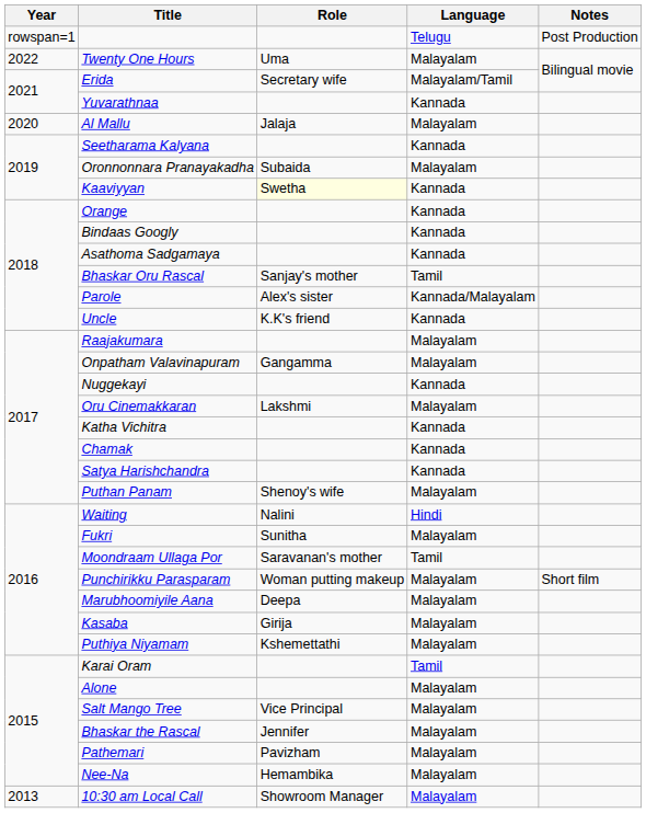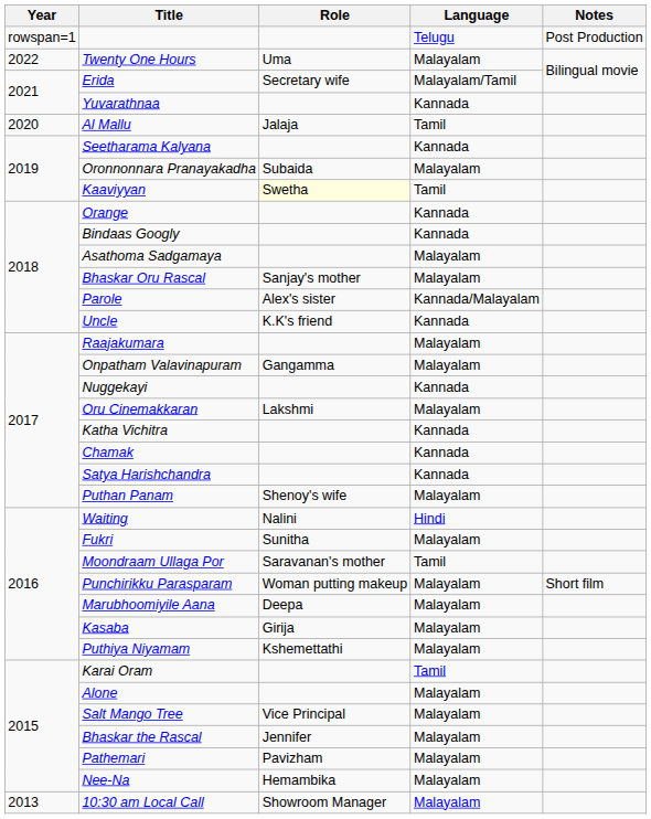 <table class="wikitable sortable">
 <tr>
 <th>Year</th>
 <th>Title</th>
 <th>Role</th>
 <th>Language</th>
 <th>Notes</th>
 </tr>
 <tr>
 <td>rowspan=1 </td>
 <td></td>
 <td></td>
 <td><a href='#'>Telugu</a></td>
 <td>Post Production</td>
 </tr>
 <tr>
 <td>2022</td>
 <td><em><a href='#'>Twenty One Hours</a></em></td>
 <td>Uma</td>
 <td>Malayalam</td>
 <td rowspan="2">Bilingual movie</td>
 </tr>
 <tr>
 <td rowspan=2>2021</td>
 <td><em><a href='#'>Erida</a></em></td>
 <td>Secretary wife</td>
 <td>Malayalam/Tamil</td>
 </tr>
 <tr>
 <td><em><a href='#'>Yuvarathnaa</a></em></td>
 <td></td>
 <td>Kannada</td>
 <td></td>
 </tr>
 <tr>
 <td>2020</td>
 <td><em><a href='#'>Al Mallu</a></em></td>
 <td>Jalaja</td>
-<td>Malayalam</td>
+<td>Tamil</td>
 <td></td>
 </tr>
 <tr>
 <td rowspan=3>2019</td>
 <td><em><a href='#'>Seetharama Kalyana</a></em></td>
 <td></td>
 <td>Kannada</td>
 <td></td>
 </tr>
 <tr>
 <td><em>Oronnonnara Pranayakadha</em></td>
 <td>Subaida</td>
 <td>Malayalam</td>
 <td></td>
 </tr>
 <tr>
 <td><em><a href='#'>Kaaviyyan</a></em></td>
 <td style="background: lightyellow;">Swetha</td>
-<td>Kannada</td>
+<td>Tamil</td>
 <td></td>
 </tr>
 <tr>
 <td Rowspan=6>2018</td>
 <td><em><a href='#'>Orange</a></em></td>
 <td></td>
 <td>Kannada</td>
 <td></td>
 </tr>
 <tr>
 <td><em>Bindaas Googly</em></td>
 <td></td>
 <td>Kannada</td>
 <td></td>
 </tr>
 <tr>
 <td><em>Asathoma Sadgamaya</em></td>
 <td></td>
-<td>Kannada</td>
+<td>Malayalam</td>
 <td></td>
 </tr>
 <tr>
 <td><em><a href='#'>Bhaskar Oru Rascal</a></em></td>
 <td>Sanjay's mother</td>
-<td>Tamil</td>
+<td>Malayalam</td>
 <td></td>
 </tr>
 <tr>
 <td><em><a href='#'>Parole</a></em></td>
 <td>Alex's sister</td>
 <td>Kannada/Malayalam</td>
 <td></td>
 </tr>
 <tr>
 <td><em><a href='#'>Uncle</a></em></td>
 <td>K.K's friend</td>
 <td>Kannada</td>
 <td></td>
 </tr>
 <tr>
 <td Rowspan=8>2017</td>
 <td><em><a href='#'>Raajakumara</a></em></td>
 <td></td>
 <td>Malayalam</td>
 <td></td>
 </tr>
 <tr>
 <td><em>Onpatham Valavinapuram</em></td>
 <td>Gangamma</td>
 <td>Malayalam</td>
 <td></td>
 </tr>
 <tr>
 <td><em>Nuggekayi</em></td>
 <td></td>
 <td>Kannada</td>
 <td></td>
 </tr>
 <tr>
 <td><em><a href='#'>Oru Cinemakkaran</a></em></td>
 <td>Lakshmi</td>
 <td>Malayalam</td>
 <td></td>
 </tr>
 <tr>
 <td><em>Katha Vichitra</em></td>
 <td></td>
 <td>Kannada</td>
 <td></td>
 </tr>
 <tr>
 <td><em><a href='#'>Chamak</a></em></td>
 <td></td>
 <td>Kannada</td>
 <td></td>
 </tr>
 <tr>
 <td><em><a href='#'>Satya Harishchandra</a></em></td>
 <td></td>
 <td>Kannada</td>
 <td></td>
 </tr>
 <tr>
 <td><em><a href='#'>Puthan Panam</a></em></td>
 <td>Shenoy's wife</td>
 <td>Malayalam</td>
 <td></td>
 </tr>
 <tr>
 <td rowspan=7>2016</td>
 <td><em><a href='#'>Waiting</a></em></td>
 <td>Nalini</td>
 <td><a href='#'>Hindi</a></td>
 <td></td>
 </tr>
 <tr>
 <td><em><a href='#'>Fukri</a></em></td>
 <td>Sunitha</td>
 <td>Malayalam</td>
 <td></td>
 </tr>
 <tr>
 <td><em><a href='#'>Moondraam Ullaga Por</a></em></td>
 <td>Saravanan's mother</td>
 <td>Tamil</td>
 <td></td>
 </tr>
 <tr>
 <td><em><a href='#'>Punchirikku Parasparam</a></em></td>
 <td>Woman putting makeup</td>
 <td>Malayalam</td>
 <td>Short film</td>
 </tr>
 <tr>
 <td><em><a href='#'>Marubhoomiyile Aana</a></em></td>
 <td>Deepa</td>
 <td>Malayalam</td>
 <td></td>
 </tr>
 <tr>
 <td><em><a href='#'>Kasaba</a></em></td>
 <td>Girija</td>
 <td>Malayalam</td>
 <td></td>
 </tr>
 <tr>
 <td><em><a href='#'>Puthiya Niyamam</a></em></td>
 <td>Kshemettathi</td>
 <td>Malayalam</td>
 <td></td>
 </tr>
 <tr>
 <td Rowspan=6>2015</td>
 <td><em>Karai Oram</em></td>
 <td></td>
 <td><a href='#'>Tamil</a></td>
 <td></td>
 </tr>
 <tr>
 <td><em><a href='#'>Alone</a></em></td>
 <td></td>
 <td>Malayalam</td>
 <td></td>
 </tr>
 <tr>
 <td><em><a href='#'>Salt Mango Tree</a></em></td>
 <td>Vice Principal</td>
 <td>Malayalam</td>
 <td></td>
 </tr>
 <tr>
 <td><em><a href='#'>Bhaskar the Rascal</a></em></td>
 <td>Jennifer</td>
 <td>Malayalam</td>
 <td></td>
 </tr>
 <tr>
 <td><em><a href='#'>Pathemari</a></em></td>
 <td>Pavizham</td>
 <td>Malayalam</td>
 <td></td>
 </tr>
 <tr>
 <td><em><a href='#'>Nee-Na</a></em></td>
 <td>Hemambika</td>
 <td>Malayalam</td>
 <td></td>
 </tr>
 <tr>
 <td>2013</td>
 <td><em><a href='#'>10:30 am Local Call</a></em></td>
 <td>Showroom Manager</td>
 <td><a href='#'>Malayalam</a></td>
 <td></td>
 </tr>
 </table>
